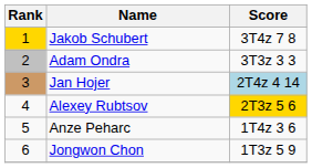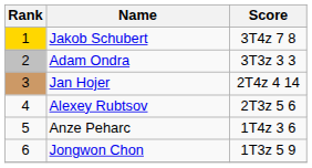 <table class="wikitable">
 <tr>
 <th>Rank</th>
 <th width = "200">Name</th>
 <th width = "80">Score</th>
 </tr>
 <tr>
 <td align="center" style="background: gold">1</td>
 <td> <a href='#'>Jakob Schubert</a></td>
 <td align="center">3T4z 7 8</td>
 </tr>
 <tr>
 <td align="center" style="background: silver">2</td>
 <td> <a href='#'>Adam Ondra</a></td>
 <td align="center">3T3z 3 3</td>
 </tr>
 <tr>
 <td align="center" style="background: #cc9966">3</td>
 <td> <a href='#'>Jan Hojer</a></td>
-<td align="center" style="background: lightblue;">2T4z 4 14</td>
+<td align="center">2T4z 4 14</td>
 </tr>
 <tr>
 <td align="center">4</td>
 <td> <a href='#'>Alexey Rubtsov</a></td>
-<td align="center" style="background: gold;">2T3z 5 6</td>
+<td align="center">2T3z 5 6</td>
 </tr>
 <tr>
 <td align="center">5</td>
 <td> Anze Peharc</td>
 <td align="center">1T4z 3 6</td>
 </tr>
 <tr>
 <td align="center">6</td>
 <td> <a href='#'>Jongwon Chon</a></td>
 <td align="center">1T3z 5 9</td>
 </tr>
 <tr>
 </tr>
 </table>
